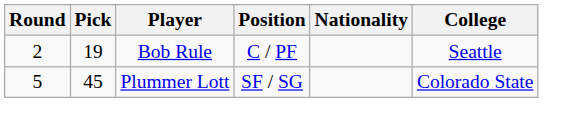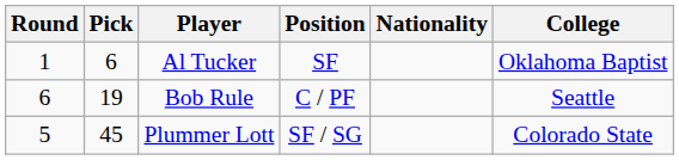 <table class="wikitable sortable sortable">
 <tr>
 <th>Round</th>
 <th>Pick</th>
 <th>Player</th>
 <th>Position</th>
 <th>Nationality</th>
 <th>College</th>
 </tr>
 <tr style="text-align: center">
-<td>2</td>
+<td>1</td>
+<td>6</td>
+<td><a href='#'>Al Tucker</a></td>
+<td><a href='#'>SF</a></td>
+<td></td>
+<td><a href='#'>Oklahoma Baptist</a></td>
+</tr>
+<tr style="text-align: center">
+<td>6</td>
 <td>19</td>
 <td><a href='#'>Bob Rule</a></td>
 <td><a href='#'>C</a> / <a href='#'>PF</a></td>
 <td></td>
 <td><a href='#'>Seattle</a></td>
 </tr>
 <tr style="text-align: center">
 <td>5</td>
 <td>45</td>
 <td><a href='#'>Plummer Lott</a></td>
 <td><a href='#'>SF</a> / <a href='#'>SG</a></td>
 <td></td>
 <td><a href='#'>Colorado State</a></td>
 </tr>
 </table>
